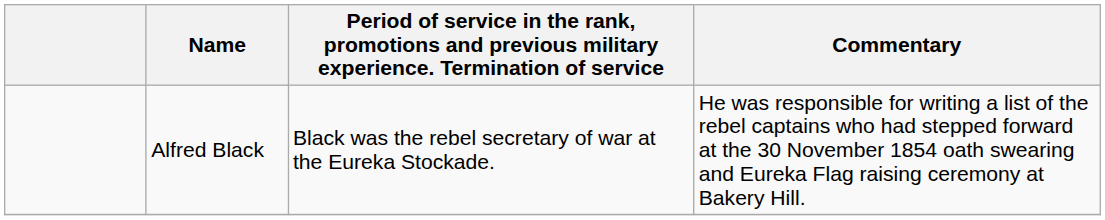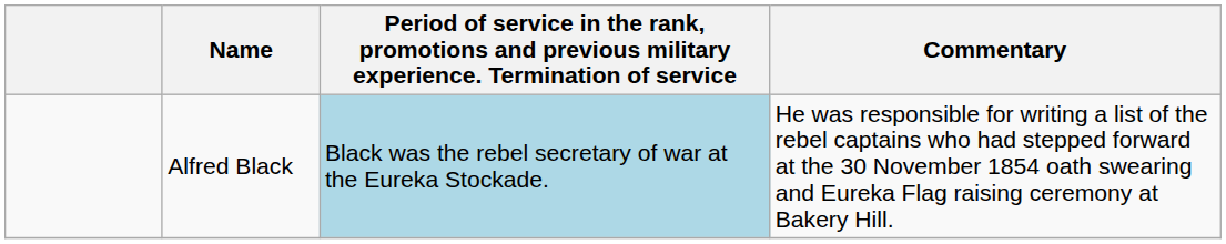 <table class="wikitable">
 <tr>
 <th align="center" width="100"></th>
 <th align="left" width="100">Name</th>
 <th align="left" width="300">Period of service in the rank, promotions and previous military experience. Termination of service</th>
 <th align="left" width="300">Commentary</th>
 </tr>
 <tr>
 <td></td>
 <td>Alfred Black</td>
-<td>Black was the rebel secretary of war at the Eureka Stockade.</td>
+<td style="background: lightblue;">Black was the rebel secretary of war at the Eureka Stockade.</td>
 <td>He was responsible for writing a list of the rebel captains who had stepped forward at the 30 November 1854 oath swearing and Eureka Flag raising ceremony at Bakery Hill.</td>
 </tr>
 <tr>
 </tr>
 </table>
